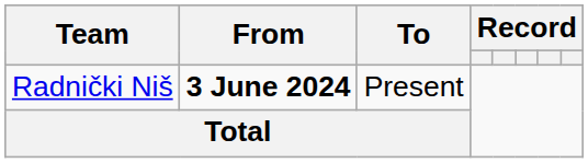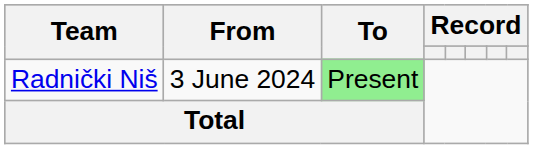 <table class=wikitable style="text-align: center">
 <tr>
 <th rowspan=2>Team</th>
 <th rowspan=2>From</th>
 <th rowspan=2>To</th>
 <th colspan=5>Record</th>
 </tr>
 <tr>
 <th></th>
 <th></th>
 <th></th>
 <th></th>
 <th></th>
 </tr>
 <tr>
 <td align=left><a href='#'>Radnički Niš</a></td>
-<td align=left><strong>3 June 2024</strong></td>
-<td align=left>Present<br></td>
+<td align=left>3 June 2024</td>
+<td align=left style="background: lightgreen;">Present<br></td>
 </tr>
 <tr>
 <th colspan=3>Total<br></th>
 </tr>
 </table>
